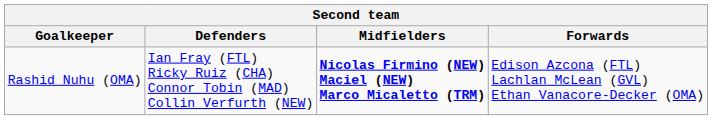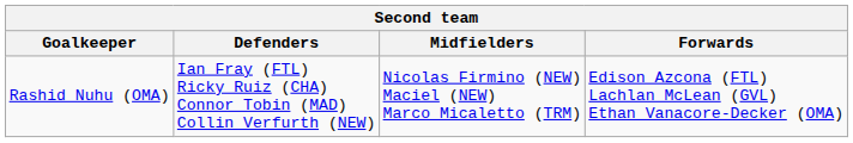 <table class="wikitable">
 <tr>
 <th colspan="4">Second team</th>
 </tr>
 <tr>
 <th>Goalkeeper</th>
 <th>Defenders</th>
 <th>Midfielders</th>
 <th>Forwards</th>
 </tr>
 <tr>
 <td> <a href='#'>Rashid Nuhu</a> (<a href='#'>OMA</a>)</td>
 <td> <a href='#'>Ian Fray</a> (<a href='#'>FTL</a>)<br> <a href='#'>Ricky Ruiz</a> (<a href='#'>CHA</a>)<br> <a href='#'>Connor Tobin</a> (<a href='#'>MAD</a>)<br> <a href='#'>Collin Verfurth</a> (<a href='#'>NEW</a>)</td>
-<td><strong> <a href='#'>Nicolas Firmino</a> (<a href='#'>NEW</a>)<br> <a href='#'>Maciel</a> (<a href='#'>NEW</a>)<br> <a href='#'>Marco Micaletto</a> (<a href='#'>TRM</a>)</strong></td>
+<td> <a href='#'>Nicolas Firmino</a> (<a href='#'>NEW</a>)<br> <a href='#'>Maciel</a> (<a href='#'>NEW</a>)<br> <a href='#'>Marco Micaletto</a> (<a href='#'>TRM</a>)</td>
 <td> <a href='#'>Edison Azcona</a> (<a href='#'>FTL</a>)<br> <a href='#'>Lachlan McLean</a> (<a href='#'>GVL</a>)<br> <a href='#'>Ethan Vanacore-Decker</a> (<a href='#'>OMA</a>)</td>
 </tr>
 </table>
